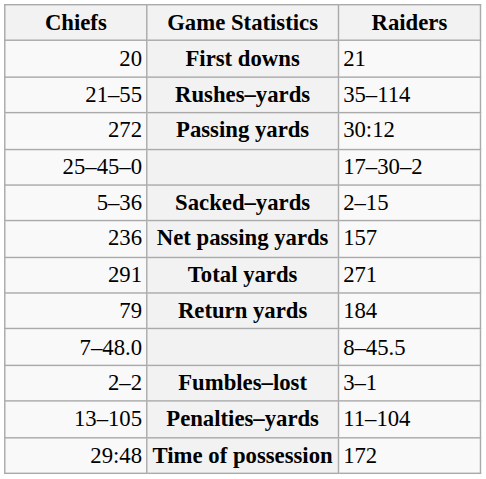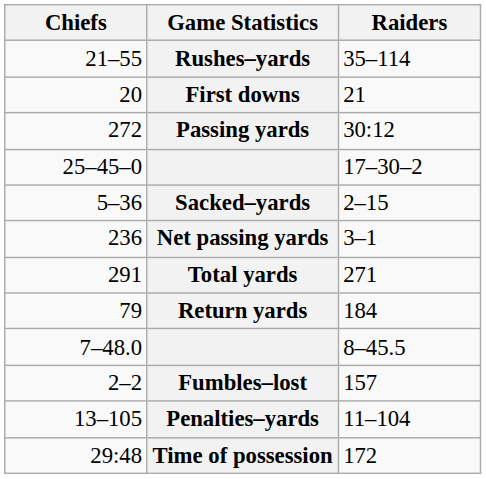 <table class="wikitable" style="margin: 1em auto 1em auto">
 <tr>
 <th style="width:30%;">Chiefs</th>
 <th style="width:40%;">Game Statistics</th>
 <th style="width:30%;">Raiders</th>
 </tr>
 <tr>
+<td style="text-align:right;">21–55</td>
+<th>Rushes–yards</th>
+<td>35–114</td>
+</tr>
+<tr>
 <td style="text-align:right;">20</td>
 <th>First downs</th>
 <td>21</td>
-</tr>
-<tr>
-<td style="text-align:right;">21–55</td>
-<th>Rushes–yards</th>
-<td>35–114</td>
 </tr>
 <tr>
 <td style="text-align:right;">272</td>
 <th>Passing yards</th>
 <td>30:12</td>
 </tr>
 <tr>
 <td style="text-align:right;">25–45–0</td>
 <th></th>
 <td>17–30–2</td>
 </tr>
 <tr>
 <td style="text-align:right;">5–36</td>
 <th>Sacked–yards</th>
 <td>2–15</td>
 </tr>
 <tr>
 <td style="text-align:right;">236</td>
 <th>Net passing yards</th>
-<td>157</td>
+<td>3–1</td>
 </tr>
 <tr>
 <td style="text-align:right;">291</td>
 <th>Total yards</th>
 <td>271</td>
 </tr>
 <tr>
 <td style="text-align:right;">79</td>
 <th>Return yards</th>
 <td>184</td>
 </tr>
 <tr>
 <td style="text-align:right;">7–48.0</td>
 <th></th>
 <td>8–45.5</td>
 </tr>
 <tr>
 <td style="text-align:right;">2–2</td>
 <th>Fumbles–lost</th>
-<td>3–1</td>
+<td>157</td>
 </tr>
 <tr>
 <td style="text-align:right;">13–105</td>
 <th>Penalties–yards</th>
 <td>11–104</td>
 </tr>
 <tr>
 <td style="text-align:right;">29:48</td>
 <th>Time of possession</th>
 <td>172</td>
 </tr>
 </table>
